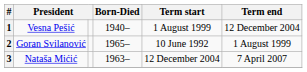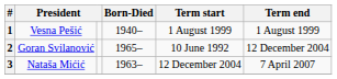 <table class="wikitable" style="text-align:center">
 <tr ->
 <th>#</th>
 <th colspan="2">President</th>
 <th>Born-Died</th>
 <th>Term start</th>
 <th>Term end</th>
 </tr>
 <tr ->
 <th style="background:">1</th>
 <td><a href='#'>Vesna Pešić</a></td>
 <td></td>
 <td>1940–</td>
 <td>1 August 1999</td>
-<td>12 December 2004</td>
+<td>1 August 1999</td>
 </tr>
 <tr ->
 <th style="background:">2</th>
 <td><a href='#'>Goran Svilanović</a></td>
 <td></td>
 <td>1965–</td>
 <td>10 June 1992</td>
-<td>1 August 1999</td>
+<td>12 December 2004</td>
 </tr>
 <tr ->
 <th style="background:">3</th>
 <td><a href='#'>Nataša Mićić</a></td>
 <td></td>
 <td>1963–</td>
 <td>12 December 2004</td>
 <td>7 April 2007</td>
 </tr>
 <tr ->
 </tr>
 </table>
